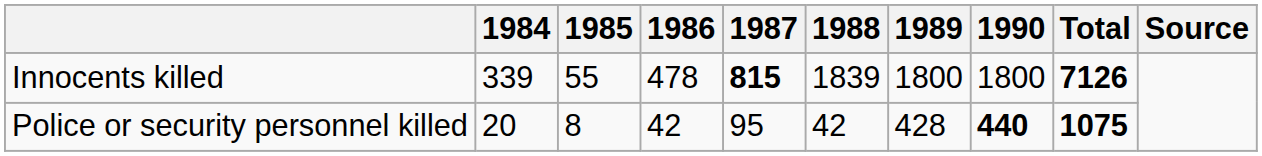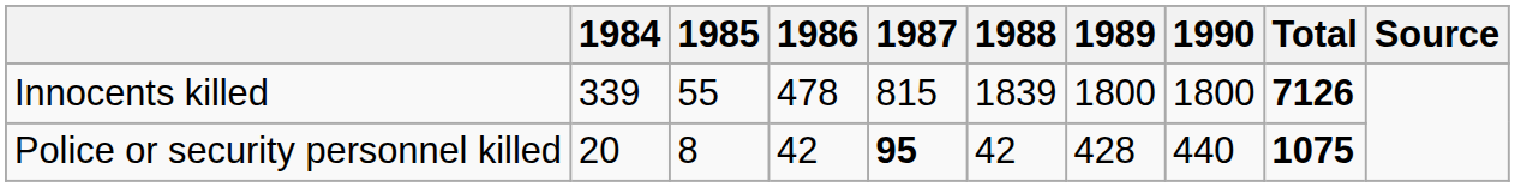 <table class="wikitable">
 <tr>
 <th></th>
 <th>1984</th>
 <th>1985</th>
 <th>1986</th>
 <th>1987</th>
 <th>1988</th>
 <th>1989</th>
 <th>1990</th>
 <th>Total</th>
 <th>Source</th>
 </tr>
 <tr>
 <td>Innocents killed</td>
 <td>339</td>
 <td>55</td>
 <td>478</td>
-<td><strong>815</strong></td>
+<td>815</td>
 <td>1839</td>
 <td>1800</td>
 <td>1800</td>
 <td><strong>7126</strong></td>
 <td rowspan="2"></td>
 </tr>
 <tr>
 <td>Police or security personnel killed</td>
 <td>20</td>
 <td>8</td>
 <td>42</td>
-<td>95</td>
+<td><strong>95</strong></td>
 <td>42</td>
 <td>428</td>
-<td><strong>440</strong></td>
+<td>440</td>
 <td><strong>1075</strong></td>
 </tr>
 </table>
